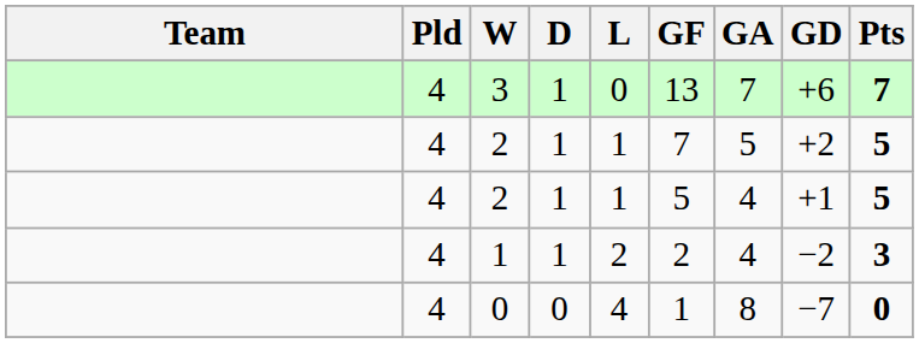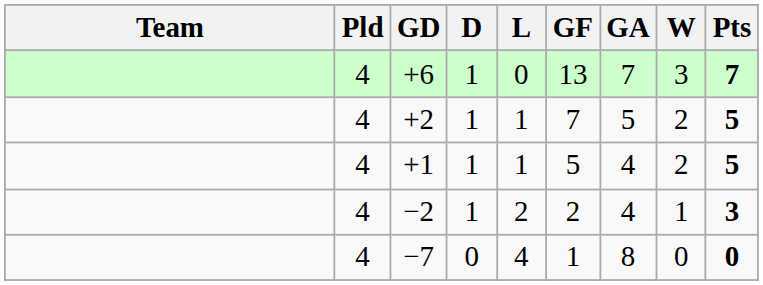 <table class="wikitable" style="text-align:center;">
 <tr>
 <th width=175>Team</th>
 <th style="width:20px;" abbr="Played">Pld</th>
-<th style="width:20px;" abbr="Won">W</th>
+<th style="width:20px;" abbr="Goal difference">GD</th>
 <th style="width:20px;" abbr="Drawn">D</th>
 <th style="width:20px;" abbr="Lost">L</th>
 <th style="width:20px;" abbr="Goals for">GF</th>
 <th style="width:20px;" abbr="Goals against">GA</th>
-<th style="width:20px;" abbr="Goal difference">GD</th>
+<th style="width:20px;" abbr="Won">W</th>
 <th style="width:20px;" abbr="Points">Pts</th>
 </tr>
 <tr bgcolor="#ccffcc">
 <td align=left></td>
 <td>4</td>
-<td>3</td>
+<td>+6</td>
 <td>1</td>
 <td>0</td>
 <td>13</td>
 <td>7</td>
-<td>+6</td>
+<td>3</td>
 <td><strong>7</strong></td>
 </tr>
 <tr>
 <td align=left></td>
 <td>4</td>
-<td>2</td>
+<td>+2</td>
 <td>1</td>
 <td>1</td>
 <td>7</td>
 <td>5</td>
-<td>+2</td>
+<td>2</td>
 <td><strong>5</strong></td>
 </tr>
 <tr>
 <td align=left></td>
 <td>4</td>
-<td>2</td>
+<td>+1</td>
 <td>1</td>
 <td>1</td>
 <td>5</td>
 <td>4</td>
-<td>+1</td>
+<td>2</td>
 <td><strong>5</strong></td>
 </tr>
 <tr>
 <td align=left></td>
 <td>4</td>
-<td>1</td>
+<td>−2</td>
 <td>1</td>
 <td>2</td>
 <td>2</td>
 <td>4</td>
-<td>−2</td>
+<td>1</td>
 <td><strong>3</strong></td>
 </tr>
 <tr>
 <td align=left></td>
 <td>4</td>
-<td>0</td>
+<td>−7</td>
 <td>0</td>
 <td>4</td>
 <td>1</td>
 <td>8</td>
-<td>−7</td>
+<td>0</td>
 <td><strong>0</strong></td>
 </tr>
 </table>
